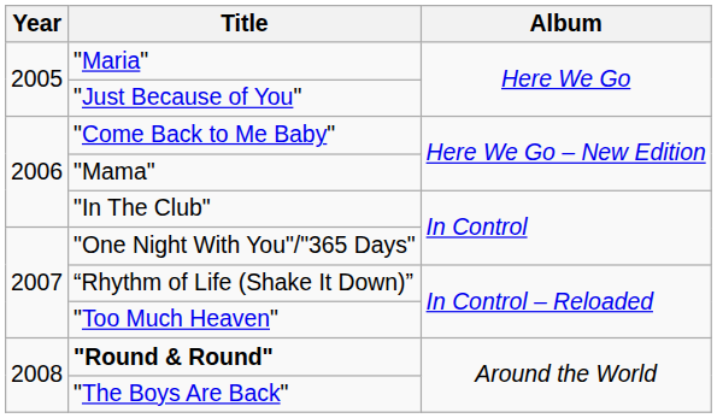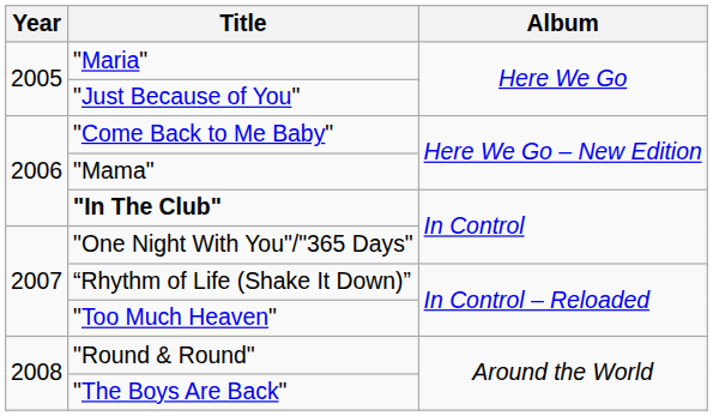 <table class="wikitable">
 <tr>
 <th>Year</th>
 <th>Title</th>
 <th>Album</th>
 </tr>
 <tr>
 <td rowspan="2">2005</td>
 <td>"<a href='#'>Maria</a>"</td>
 <td rowspan="2" align="center"><a href='#'><em>Here We Go</em></a></td>
 </tr>
 <tr>
 <td>"<a href='#'>Just Because of You</a>"</td>
 </tr>
 <tr>
 <td rowspan="3">2006</td>
 <td>"<a href='#'>Come Back to Me Baby</a>"</td>
 <td rowspan="2"><em><a href='#'>Here We Go – New Edition</a></em></td>
 </tr>
 <tr>
 <td>"Mama"</td>
 </tr>
 <tr>
-<td>"In The Club"</td>
+<td><strong>"In The Club"</strong></td>
 <td rowspan="2"><a href='#'><em>In Control</em></a></td>
 </tr>
 <tr>
 <td rowspan="3">2007</td>
 <td>"One Night With You"/"365 Days"</td>
 </tr>
 <tr>
 <td>“Rhythm of Life (Shake It Down)”</td>
 <td rowspan="2"><em><a href='#'>In Control – Reloaded</a></em></td>
 </tr>
 <tr>
 <td>"<a href='#'>Too Much Heaven</a>"</td>
 </tr>
 <tr>
 <td rowspan="2">2008</td>
-<td><strong>"Round & Round"</strong></td>
+<td>"Round & Round"</td>
 <td rowspan="2" align="center"><em>Around the World</em></td>
 </tr>
 <tr>
 <td>"<a href='#'>The Boys Are Back</a>"</td>
 </tr>
 </table>
